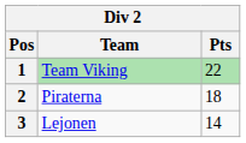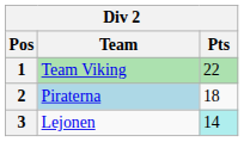 <table class="wikitable">
 <tr>
 <th colspan="3">Div 2</th>
 </tr>
 <tr>
 <th width=20>Pos</th>
 <th width=150>Team</th>
 <th width=30>Pts</th>
 </tr>
 <tr style="background:#ACE1AF;">
 <th>1</th>
 <td><a href='#'>Team Viking</a></td>
 <td>22</td>
 </tr>
 <tr>
 <th>2</th>
-<td><a href='#'>Piraterna</a></td>
+<td style="background: lightblue;"><a href='#'>Piraterna</a></td>
 <td>18</td>
 </tr>
 <tr>
 <th>3</th>
 <td><a href='#'>Lejonen</a></td>
-<td>14</td>
+<td style="background: paleturquoise;">14</td>
 </tr>
 </table>
